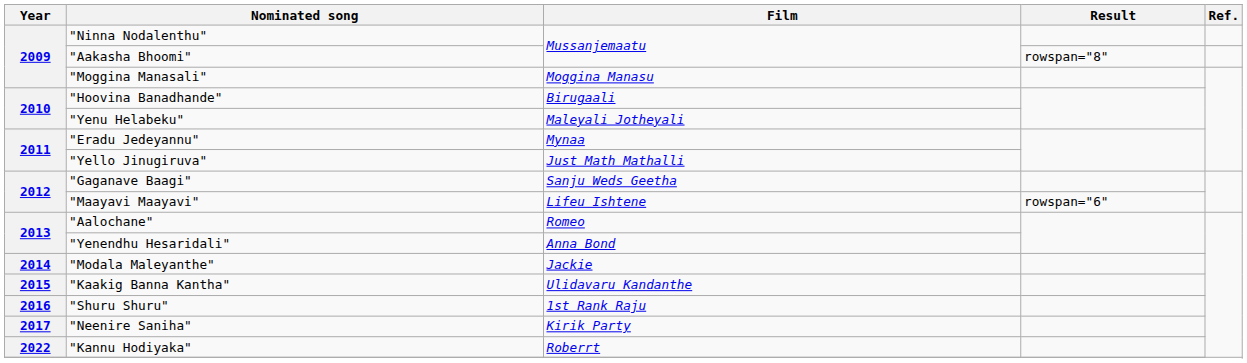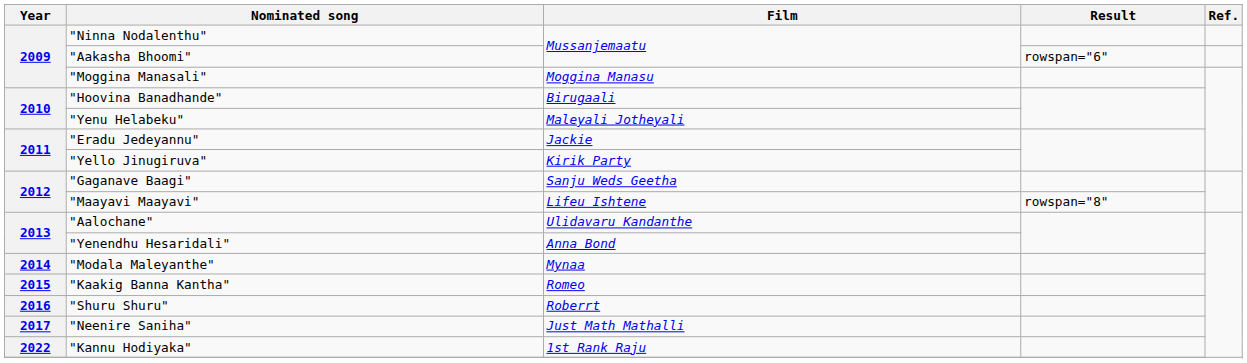 <table class="wikitable plainrowheaders" width="100%" textcolor:#000;">
 <tr>
 <th scope="col" width=5%><strong>Year</strong></th>
 <th scope="col" width="39%"><strong>Nominated song</strong></th>
 <th scope="col" width="39%"><strong>Film</strong></th>
 <th scope="col" width=15%><strong>Result</strong></th>
 <th scope="col" width=2%><strong>Ref.</strong></th>
 </tr>
 <tr>
 <th scope="row" rowspan="3"><a href='#'>2009</a></th>
 <td>"Ninna Nodalenthu"</td>
 <td rowspan="2"><em><a href='#'>Mussanjemaatu</a></em></td>
 <td></td>
 <td></td>
 </tr>
 <tr>
 <td>"Aakasha Bhoomi"</td>
-<td>rowspan="8" </td>
+<td>rowspan="6" </td>
 <td></td>
 </tr>
 <tr>
 <td>"Moggina Manasali"</td>
 <td><em><a href='#'>Moggina Manasu</a></em></td>
 <td></td>
 </tr>
 <tr>
 <th scope="row" rowspan="2"><a href='#'>2010</a></th>
 <td>"Hoovina Banadhande"</td>
 <td><em><a href='#'>Birugaali</a></em></td>
 <td rowspan="2"></td>
 </tr>
 <tr>
 <td>"Yenu Helabeku"</td>
 <td><em><a href='#'>Maleyali Jotheyali</a></em></td>
 </tr>
 <tr>
 <th scope="row" rowspan="2"><a href='#'>2011</a></th>
 <td>"Eradu Jedeyannu"</td>
-<td><em><a href='#'>Mynaa</a></em></td>
+<td><em><a href='#'>Jackie</a></em></td>
 <td rowspan="2"></td>
 </tr>
 <tr>
 <td>"Yello Jinugiruva"</td>
-<td><em><a href='#'>Just Math Mathalli</a></em></td>
+<td><em><a href='#'>Kirik Party</a></em></td>
 </tr>
 <tr>
 <th scope="row" rowspan="2"><a href='#'>2012</a></th>
 <td>"Gaganave Baagi"</td>
 <td><em><a href='#'>Sanju Weds Geetha</a></em></td>
 <td></td>
 <td rowspan="2"></td>
 </tr>
 <tr>
 <td>"Maayavi Maayavi"</td>
 <td><em><a href='#'>Lifeu Ishtene</a></em></td>
-<td>rowspan="6" </td>
+<td>rowspan="8" </td>
 </tr>
 <tr>
 <th scope="row" rowspan="2"><a href='#'>2013</a></th>
 <td>"Aalochane"</td>
-<td><em><a href='#'>Romeo</a></em></td>
+<td><em><a href='#'>Ulidavaru Kandanthe</a></em></td>
 <td rowspan="2"></td>
 </tr>
 <tr>
 <td>"Yenendhu Hesaridali"</td>
 <td><em><a href='#'>Anna Bond</a></em></td>
 </tr>
 <tr>
 <th scope="row"><a href='#'>2014</a></th>
 <td>"Modala Maleyanthe"</td>
-<td><em><a href='#'>Jackie</a></em></td>
+<td><em><a href='#'>Mynaa</a></em></td>
 <td></td>
 </tr>
 <tr>
 <th scope="row"><a href='#'>2015</a></th>
 <td>"Kaakig Banna Kantha"</td>
-<td><em><a href='#'>Ulidavaru Kandanthe</a></em></td>
+<td><em><a href='#'>Romeo</a></em></td>
 <td></td>
 </tr>
 <tr>
 <th scope="row"><a href='#'>2016</a></th>
 <td>"Shuru Shuru"</td>
-<td><em><a href='#'>1st Rank Raju</a></em></td>
+<td><em><a href='#'>Roberrt</a></em></td>
 <td></td>
 </tr>
 <tr>
 <th scope="row"><a href='#'>2017</a></th>
 <td>"Neenire Saniha"</td>
-<td><em><a href='#'>Kirik Party</a></em></td>
+<td><em><a href='#'>Just Math Mathalli</a></em></td>
 <td></td>
 </tr>
 <tr>
 <th scope="row"><a href='#'>2022</a></th>
 <td>"Kannu Hodiyaka"</td>
-<td><em><a href='#'>Roberrt</a></em></td>
+<td><em><a href='#'>1st Rank Raju</a></em></td>
 <td></td>
 </tr>
 <tr>
 </tr>
 </table>
